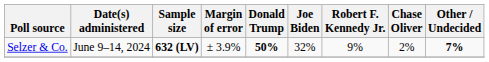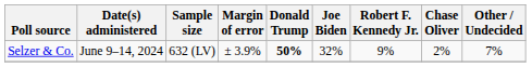 <table class="wikitable sortable mw-datatable" style="font-size:90%;text-align:center;line-height:17px">
 <tr valign=bottom>
 <th>Poll source</th>
 <th>Date(s)<br>administered</th>
 <th>Sample<br>size</th>
 <th>Margin<br>of error</th>
 <th class="unsortable">Donald<br>Trump<br></th>
 <th class="unsortable">Joe<br>Biden<br></th>
 <th class="unsortable">Robert F.<br>Kennedy Jr.<br></th>
 <th class="unsortable">Chase<br>Oliver<br></th>
 <th class="unsortable">Other /<br>Undecided</th>
 </tr>
 <tr>
 <td style="text-align:left;"><a href='#'>Selzer & Co.</a></td>
 <td data-sort-value=2024-06-17>June 9–14, 2024</td>
-<td><strong>632 (LV)</strong></td>
+<td>632 (LV)</td>
 <td>± 3.9%</td>
 <td><strong>50%</strong></td>
 <td>32%</td>
 <td>9%</td>
 <td>2%</td>
-<td><strong>7%</strong></td>
+<td>7%</td>
 </tr>
 <tr>
 </tr>
 </table>
